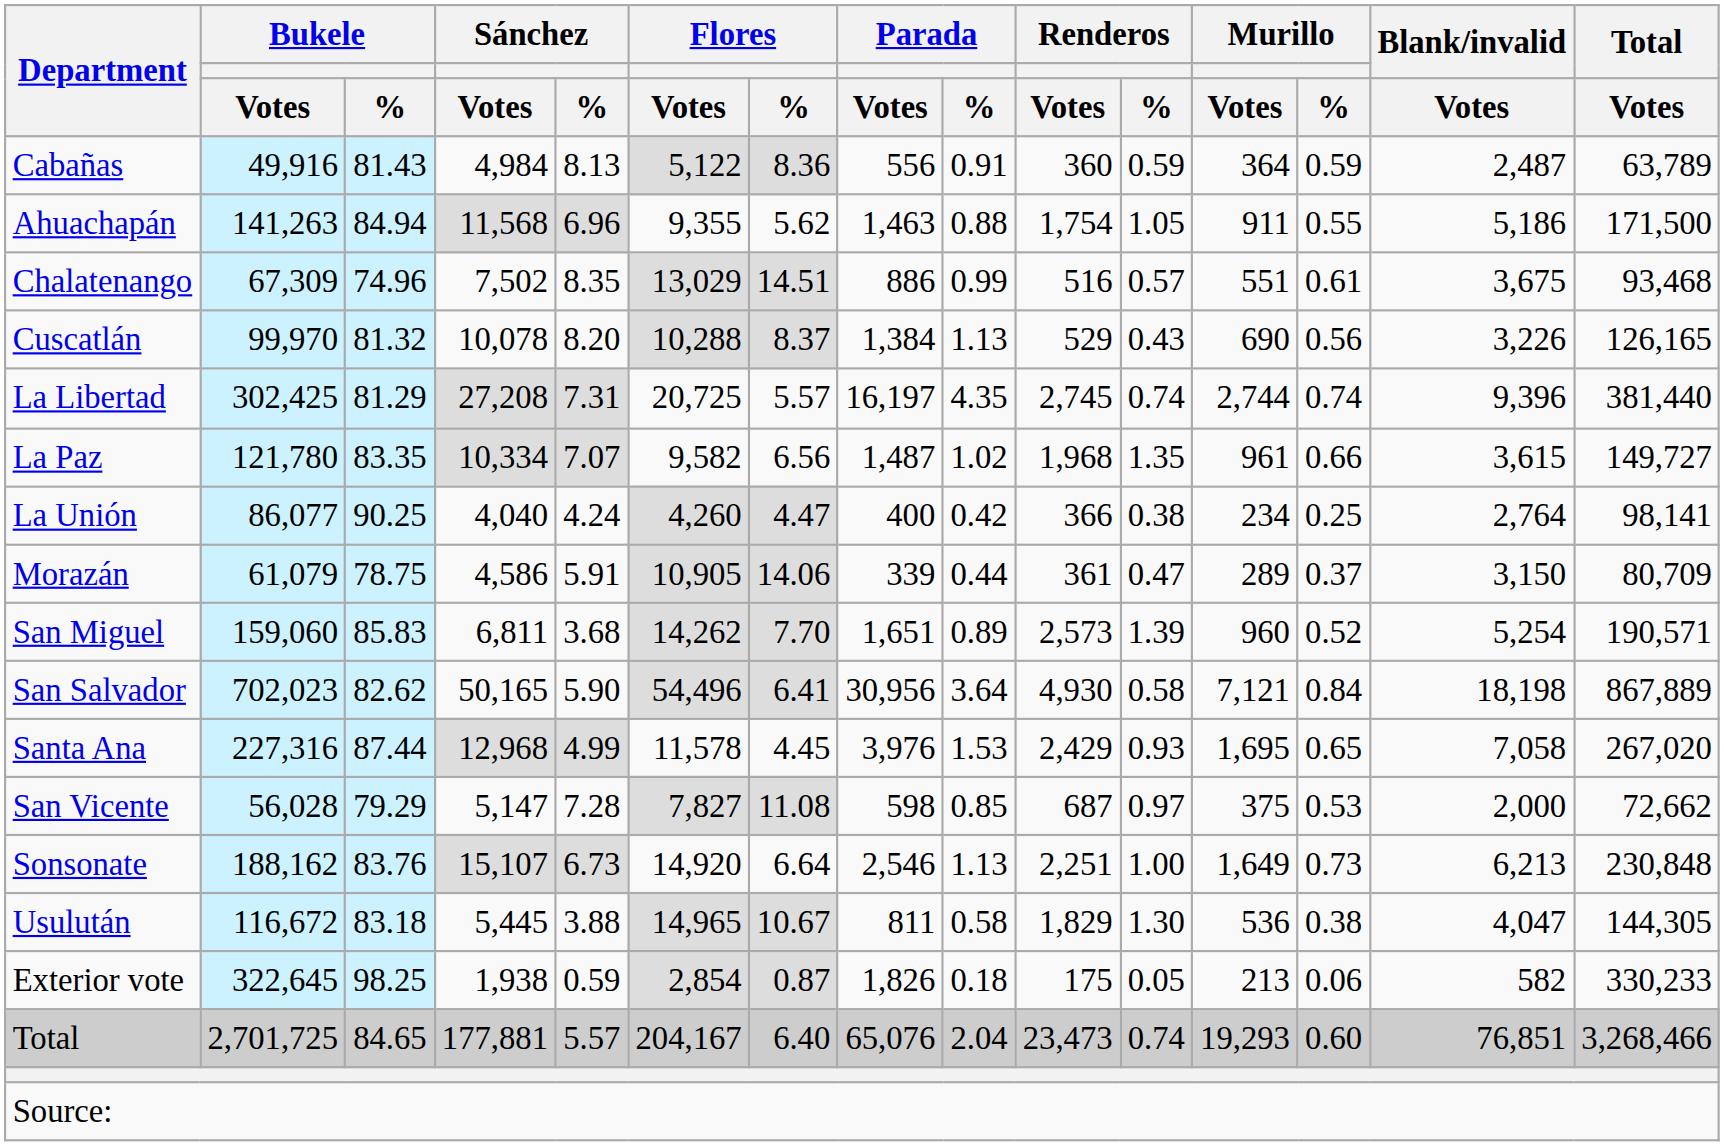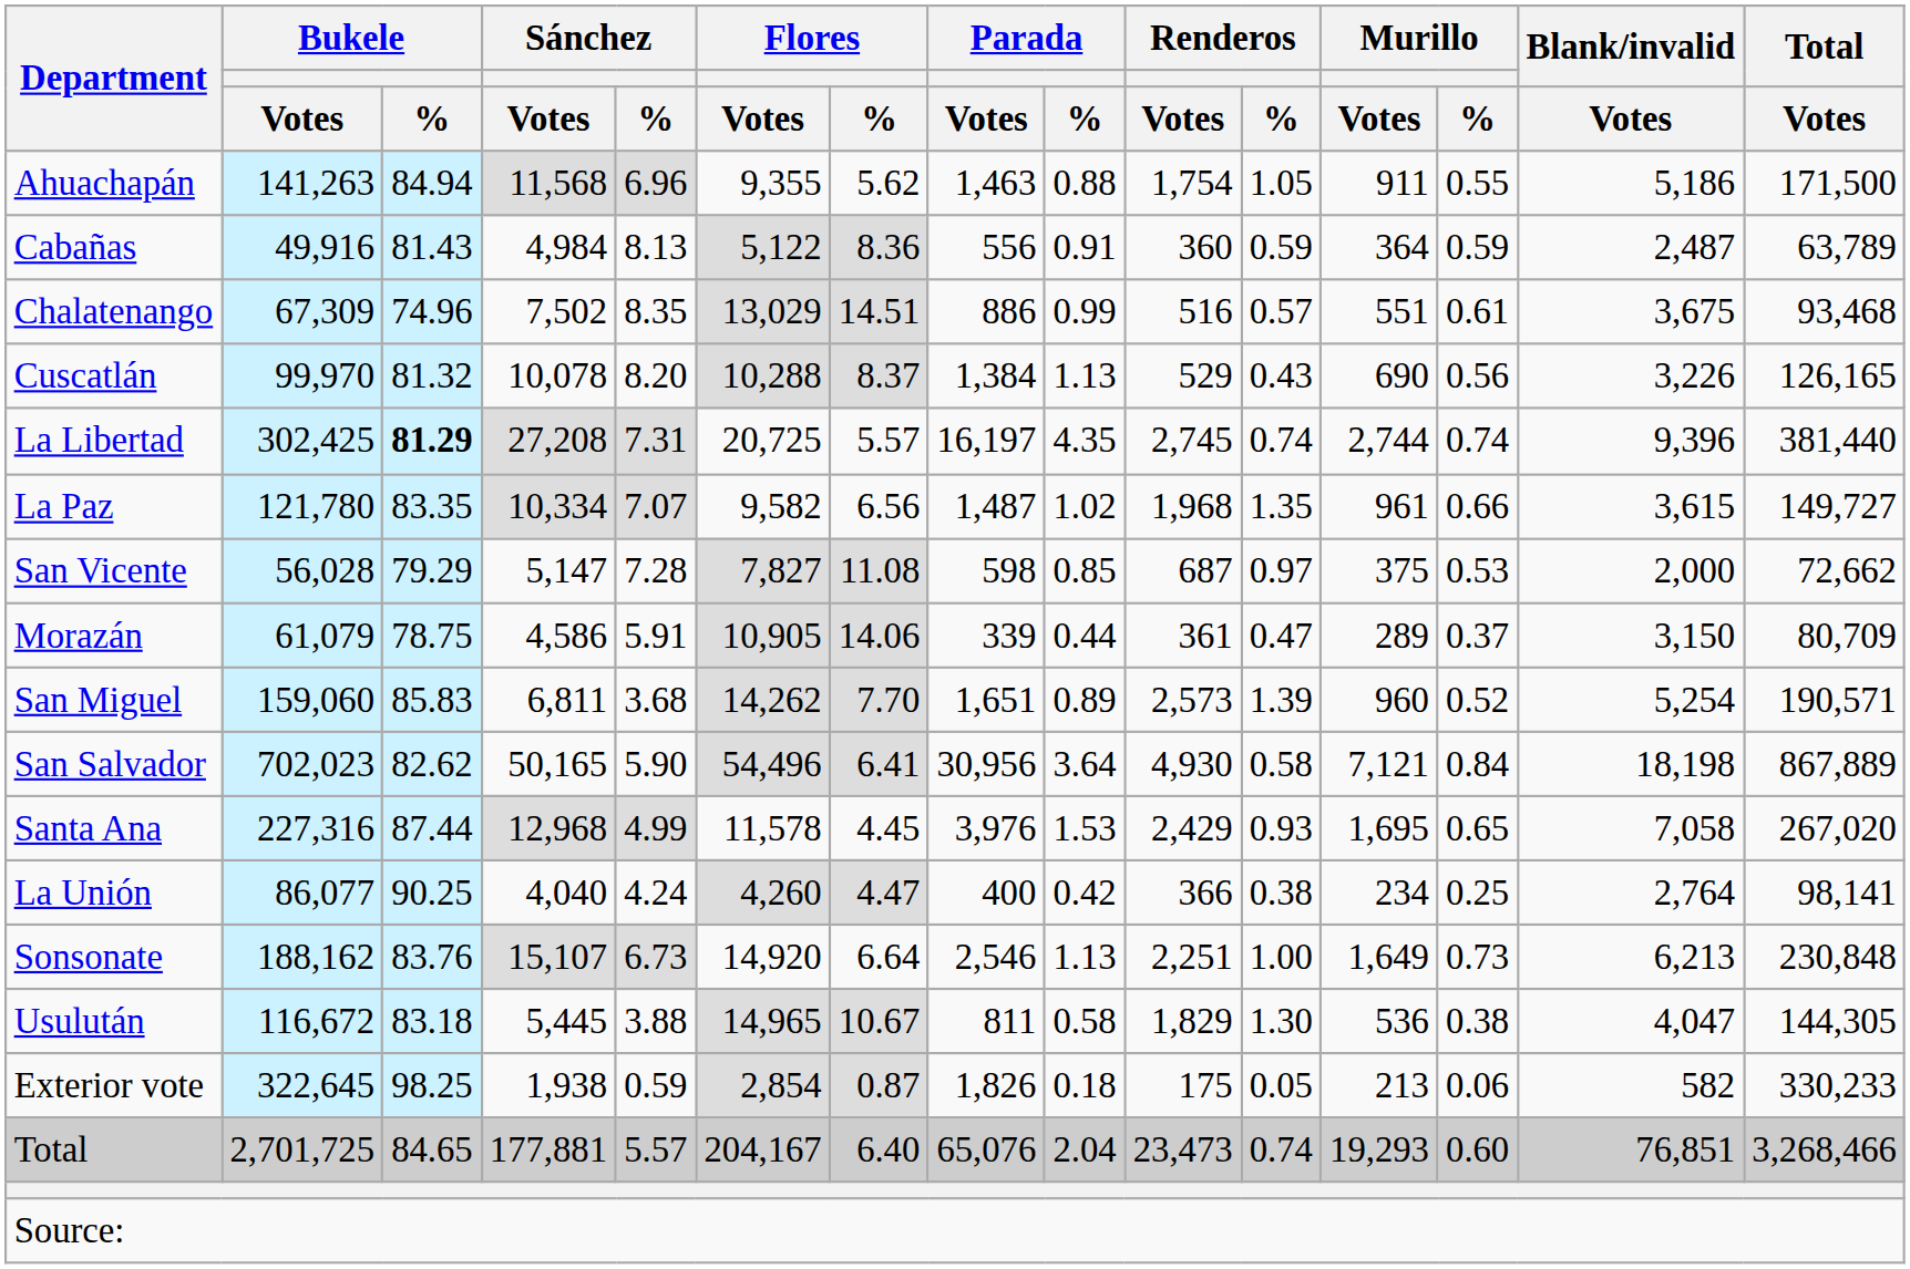 <table class="wikitable sortable" style="text-align:right; font-size:95%; line-height:20px;">
 <tr>
 <th rowspan="3"><a href='#'>Department</a></th>
 <th colspan="2" width="30px" class="unsortable"><a href='#'>Bukele</a></th>
 <th colspan="2" width="30px" class="unsortable">Sánchez</th>
 <th colspan="2" width="30px" class="unsortable"><a href='#'>Flores</a></th>
 <th colspan="2" width="30px" class="unsortable"><a href='#'>Parada</a></th>
 <th colspan="2" width="30px" class="unsortable">Renderos</th>
 <th colspan="2" width="30px" class="unsortable">Murillo</th>
 <th rowspan="2" width="30px" class="unsortable">Blank/invalid</th>
 <th rowspan="2" width="30px" class="unsortable">Total</th>
 </tr>
 <tr>
 <th colspan="2" style="background:"></th>
 <th colspan="2" style="background:"></th>
 <th colspan="2" style="background:"></th>
 <th colspan="2" style="background:"></th>
 <th colspan="2" style="background:"></th>
 <th colspan="2" style="background:"></th>
 </tr>
 <tr>
 <th data-sort-type="number">Votes</th>
 <th data-sort-type="number">%</th>
 <th data-sort-type="number">Votes</th>
 <th data-sort-type="number">%</th>
 <th data-sort-type="number">Votes</th>
 <th data-sort-type="number">%</th>
 <th data-sort-type="number">Votes</th>
 <th data-sort-type="number">%</th>
 <th data-sort-type="number">Votes</th>
 <th data-sort-type="number">%</th>
 <th data-sort-type="number">Votes</th>
 <th data-sort-type="number">%</th>
 <th data-sort-type="number">Votes</th>
 <th data-sort-type="number">Votes</th>
 </tr>
 <tr>
+<td align="left"><a href='#'>Ahuachapán</a></td>
+<td style="background:#CCF1FF;">141,263</td>
+<td style="background:#CCF1FF;">84.94</td>
+<td style="background:#DDD">11,568</td>
+<td style="background:#DDD;">6.96</td>
+<td>9,355</td>
+<td>5.62</td>
+<td>1,463</td>
+<td>0.88</td>
+<td>1,754</td>
+<td>1.05</td>
+<td>911</td>
+<td>0.55</td>
+<td>5,186</td>
+<td>171,500</td>
+</tr>
+<tr>
 <td align="left"><a href='#'>Cabañas</a></td>
 <td style="background:#CCF1FF;">49,916</td>
 <td style="background:#CCF1FF;">81.43</td>
 <td>4,984</td>
 <td>8.13</td>
 <td style="background:#DDD">5,122</td>
 <td style="background:#DDD;">8.36</td>
 <td>556</td>
 <td>0.91</td>
 <td>360</td>
 <td>0.59</td>
 <td>364</td>
 <td>0.59</td>
 <td>2,487</td>
 <td>63,789</td>
-</tr>
-<tr>
-<td align="left"><a href='#'>Ahuachapán</a></td>
-<td style="background:#CCF1FF;">141,263</td>
-<td style="background:#CCF1FF;">84.94</td>
-<td style="background:#DDD">11,568</td>
-<td style="background:#DDD;">6.96</td>
-<td>9,355</td>
-<td>5.62</td>
-<td>1,463</td>
-<td>0.88</td>
-<td>1,754</td>
-<td>1.05</td>
-<td>911</td>
-<td>0.55</td>
-<td>5,186</td>
-<td>171,500</td>
 </tr>
 <tr>
 <td align="left"><a href='#'>Chalatenango</a></td>
 <td style="background:#CCF1FF;">67,309</td>
 <td style="background:#CCF1FF;">74.96</td>
 <td>7,502</td>
 <td>8.35</td>
 <td style="background:#DDD">13,029</td>
 <td style="background:#DDD;">14.51</td>
 <td>886</td>
 <td>0.99</td>
 <td>516</td>
 <td>0.57</td>
 <td>551</td>
 <td>0.61</td>
 <td>3,675</td>
 <td>93,468</td>
 </tr>
 <tr>
 <td align="left"><a href='#'>Cuscatlán</a></td>
 <td style="background:#CCF1FF;">99,970</td>
 <td style="background:#CCF1FF;">81.32</td>
 <td>10,078</td>
 <td>8.20</td>
 <td style="background:#DDD">10,288</td>
 <td style="background:#DDD;">8.37</td>
 <td>1,384</td>
 <td>1.13</td>
 <td>529</td>
 <td>0.43</td>
 <td>690</td>
 <td>0.56</td>
 <td>3,226</td>
 <td>126,165</td>
 </tr>
 <tr>
 <td align="left"><a href='#'>La Libertad</a></td>
 <td style="background:#CCF1FF;">302,425</td>
-<td style="background:#CCF1FF;">81.29</td>
+<td style="background:#CCF1FF;"><strong>81.29</strong></td>
 <td style="background:#DDD">27,208</td>
 <td style="background:#DDD;">7.31</td>
 <td>20,725</td>
 <td>5.57</td>
 <td>16,197</td>
 <td>4.35</td>
 <td>2,745</td>
 <td>0.74</td>
 <td>2,744</td>
 <td>0.74</td>
 <td>9,396</td>
 <td>381,440</td>
 </tr>
 <tr>
 <td align="left"><a href='#'>La Paz</a></td>
 <td style="background:#CCF1FF;">121,780</td>
 <td style="background:#CCF1FF;">83.35</td>
 <td style="background:#DDD">10,334</td>
 <td style="background:#DDD;">7.07</td>
 <td>9,582</td>
 <td>6.56</td>
 <td>1,487</td>
 <td>1.02</td>
 <td>1,968</td>
 <td>1.35</td>
 <td>961</td>
 <td>0.66</td>
 <td>3,615</td>
 <td>149,727</td>
 </tr>
 <tr>
-<td align="left"><a href='#'>La Unión</a></td>
-<td style="background:#CCF1FF;">86,077</td>
-<td style="background:#CCF1FF;">90.25</td>
-<td>4,040</td>
-<td>4.24</td>
-<td style="background:#DDD">4,260</td>
-<td style="background:#DDD;">4.47</td>
-<td>400</td>
-<td>0.42</td>
-<td>366</td>
-<td>0.38</td>
-<td>234</td>
-<td>0.25</td>
-<td>2,764</td>
-<td>98,141</td>
+<td align="left"><a href='#'>San Vicente</a></td>
+<td style="background:#CCF1FF;">56,028</td>
+<td style="background:#CCF1FF;">79.29</td>
+<td>5,147</td>
+<td>7.28</td>
+<td style="background:#DDD">7,827</td>
+<td style="background:#DDD;">11.08</td>
+<td>598</td>
+<td>0.85</td>
+<td>687</td>
+<td>0.97</td>
+<td>375</td>
+<td>0.53</td>
+<td>2,000</td>
+<td>72,662</td>
 </tr>
 <tr>
 <td align="left"><a href='#'>Morazán</a></td>
 <td style="background:#CCF1FF;">61,079</td>
 <td style="background:#CCF1FF;">78.75</td>
 <td>4,586</td>
 <td>5.91</td>
 <td style="background:#DDD">10,905</td>
 <td style="background:#DDD;">14.06</td>
 <td>339</td>
 <td>0.44</td>
 <td>361</td>
 <td>0.47</td>
 <td>289</td>
 <td>0.37</td>
 <td>3,150</td>
 <td>80,709</td>
 </tr>
 <tr>
 <td align="left"><a href='#'>San Miguel</a></td>
 <td style="background:#CCF1FF;">159,060</td>
 <td style="background:#CCF1FF;">85.83</td>
 <td>6,811</td>
 <td>3.68</td>
 <td style="background:#DDD">14,262</td>
 <td style="background:#DDD;">7.70</td>
 <td>1,651</td>
 <td>0.89</td>
 <td>2,573</td>
 <td>1.39</td>
 <td>960</td>
 <td>0.52</td>
 <td>5,254</td>
 <td>190,571</td>
 </tr>
 <tr>
 <td align="left"><a href='#'>San Salvador</a></td>
 <td style="background:#CCF1FF;">702,023</td>
 <td style="background:#CCF1FF;">82.62</td>
 <td>50,165</td>
 <td>5.90</td>
 <td style="background:#DDD">54,496</td>
 <td style="background:#DDD;">6.41</td>
 <td>30,956</td>
 <td>3.64</td>
 <td>4,930</td>
 <td>0.58</td>
 <td>7,121</td>
 <td>0.84</td>
 <td>18,198</td>
 <td>867,889</td>
 </tr>
 <tr>
 <td align="left"><a href='#'>Santa Ana</a></td>
 <td style="background:#CCF1FF;">227,316</td>
 <td style="background:#CCF1FF;">87.44</td>
 <td style="background:#DDD">12,968</td>
 <td style="background:#DDD;">4.99</td>
 <td>11,578</td>
 <td>4.45</td>
 <td>3,976</td>
 <td>1.53</td>
 <td>2,429</td>
 <td>0.93</td>
 <td>1,695</td>
 <td>0.65</td>
 <td>7,058</td>
 <td>267,020</td>
 </tr>
 <tr>
-<td align="left"><a href='#'>San Vicente</a></td>
-<td style="background:#CCF1FF;">56,028</td>
-<td style="background:#CCF1FF;">79.29</td>
-<td>5,147</td>
-<td>7.28</td>
-<td style="background:#DDD">7,827</td>
-<td style="background:#DDD;">11.08</td>
-<td>598</td>
-<td>0.85</td>
-<td>687</td>
-<td>0.97</td>
-<td>375</td>
-<td>0.53</td>
-<td>2,000</td>
-<td>72,662</td>
+<td align="left"><a href='#'>La Unión</a></td>
+<td style="background:#CCF1FF;">86,077</td>
+<td style="background:#CCF1FF;">90.25</td>
+<td>4,040</td>
+<td>4.24</td>
+<td style="background:#DDD">4,260</td>
+<td style="background:#DDD;">4.47</td>
+<td>400</td>
+<td>0.42</td>
+<td>366</td>
+<td>0.38</td>
+<td>234</td>
+<td>0.25</td>
+<td>2,764</td>
+<td>98,141</td>
 </tr>
 <tr>
 <td align="left"><a href='#'>Sonsonate</a></td>
 <td style="background:#CCF1FF;">188,162</td>
 <td style="background:#CCF1FF;">83.76</td>
 <td style="background:#DDD">15,107</td>
 <td style="background:#DDD;">6.73</td>
 <td>14,920</td>
 <td>6.64</td>
 <td>2,546</td>
 <td>1.13</td>
 <td>2,251</td>
 <td>1.00</td>
 <td>1,649</td>
 <td>0.73</td>
 <td>6,213</td>
 <td>230,848</td>
 </tr>
 <tr>
 <td align="left"><a href='#'>Usulután</a></td>
 <td style="background:#CCF1FF;">116,672</td>
 <td style="background:#CCF1FF;">83.18</td>
 <td>5,445</td>
 <td>3.88</td>
 <td style="background:#DDD">14,965</td>
 <td style="background:#DDD;">10.67</td>
 <td>811</td>
 <td>0.58</td>
 <td>1,829</td>
 <td>1.30</td>
 <td>536</td>
 <td>0.38</td>
 <td>4,047</td>
 <td>144,305</td>
 </tr>
 <tr>
 <td align="left">Exterior vote</td>
 <td style="background:#CCF1FF;">322,645</td>
 <td style="background:#CCF1FF;">98.25</td>
 <td>1,938</td>
 <td>0.59</td>
 <td style="background:#DDD">2,854</td>
 <td style="background:#DDD;">0.87</td>
 <td>1,826</td>
 <td>0.18</td>
 <td>175</td>
 <td>0.05</td>
 <td>213</td>
 <td>0.06</td>
 <td>582</td>
 <td>330,233</td>
 </tr>
 <tr style="background:#CDCDCD;">
 <td align="left">Total</td>
 <td>2,701,725</td>
 <td>84.65</td>
 <td>177,881</td>
 <td>5.57</td>
 <td>204,167</td>
 <td>6.40</td>
 <td>65,076</td>
 <td>2.04</td>
 <td>23,473</td>
 <td>0.74</td>
 <td>19,293</td>
 <td>0.60</td>
 <td>76,851</td>
 <td>3,268,466</td>
 </tr>
 <tr>
 <th colspan="15"></th>
 </tr>
 <tr>
 <th style="text-align:left; font-weight:normal; background:#F9F9F9" colspan="15">Source: </th>
 </tr>
 </table>
